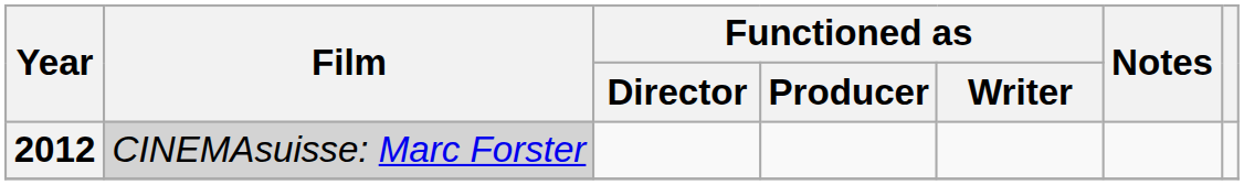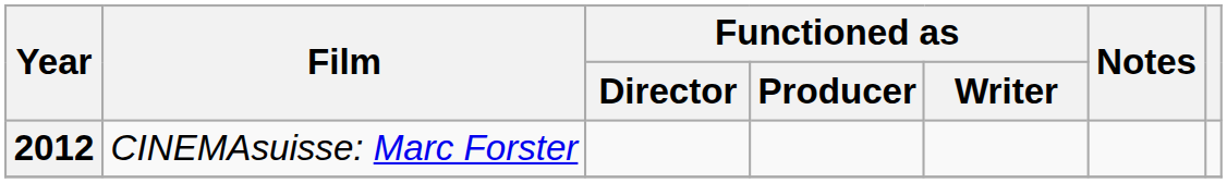 <table class="wikitable plainrowheaders sortable">
 <tr>
 <th rowspan="2">Year</th>
 <th rowspan="2">Film</th>
 <th colspan="3">Functioned as</th>
 <th scope="col" class="unsortable" rowspan="2">Notes</th>
 <th rowspan="2"; class="unsortable"><br></th>
 </tr>
 <tr>
 <th style="width:65px;">Director</th>
 <th style="width:65px;">Producer</th>
 <th style="width:65px;">Writer</th>
 </tr>
 <tr>
 <th scope="row">2012</th>
-<td style="background: lightgrey;"><em>CINEMAsuisse: <a href='#'>Marc Forster</a></em></td>
+<td><em>CINEMAsuisse: <a href='#'>Marc Forster</a></em></td>
 <td></td>
 <td></td>
 <td></td>
 <td></td>
 <td style="text-align:center;"></td>
 </tr>
 <tr>
 </tr>
 </table>
